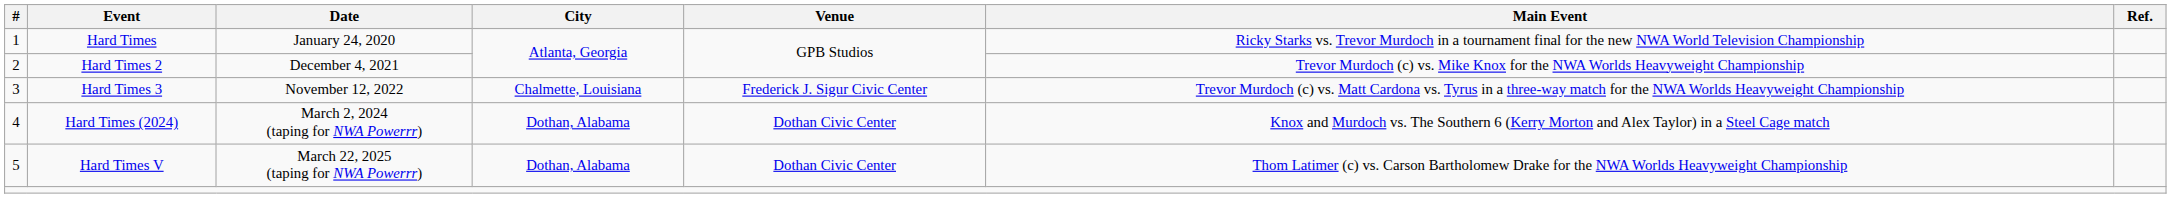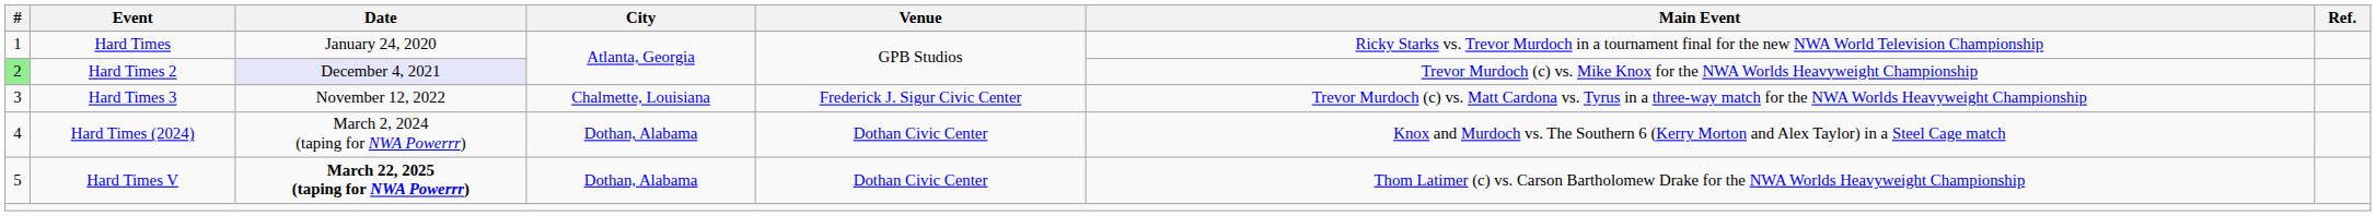 <table class="mw-datatable wikitable sortable succession-box" style="font-size:85%; text-align:center;" width="100%">
 <tr>
 <th>#</th>
 <th>Event</th>
 <th>Date</th>
 <th>City</th>
 <th>Venue</th>
 <th>Main Event</th>
 <th>Ref.</th>
 </tr>
 <tr>
 <td>1</td>
 <td><a href='#'>Hard Times</a></td>
 <td>January 24, 2020</td>
 <td rowspan="2"><a href='#'>Atlanta, Georgia</a></td>
 <td rowspan="2">GPB Studios</td>
 <td><a href='#'>Ricky Starks</a> vs. <a href='#'>Trevor Murdoch</a> in a tournament final for the new <a href='#'>NWA World Television Championship</a></td>
 <td></td>
 </tr>
 <tr>
-<td>2</td>
+<td style="background: lightgreen;">2</td>
 <td><a href='#'>Hard Times 2</a></td>
-<td>December 4, 2021</td>
+<td style="background: lavender;">December 4, 2021</td>
 <td><a href='#'>Trevor Murdoch</a> (c) vs. <a href='#'>Mike Knox</a> for the <a href='#'>NWA Worlds Heavyweight Championship</a></td>
 <td></td>
 </tr>
 <tr>
 <td>3</td>
 <td><a href='#'>Hard Times 3</a></td>
 <td>November 12, 2022</td>
 <td><a href='#'>Chalmette, Louisiana</a></td>
 <td><a href='#'>Frederick J. Sigur Civic Center</a></td>
 <td><a href='#'>Trevor Murdoch</a> (c) vs. <a href='#'>Matt Cardona</a> vs. <a href='#'>Tyrus</a> in a <a href='#'>three-way match</a> for the <a href='#'>NWA Worlds Heavyweight Championship</a></td>
 <td></td>
 </tr>
 <tr>
 <td>4</td>
 <td><a href='#'>Hard Times (2024)</a></td>
 <td>March 2, 2024<br>(taping for <em><a href='#'>NWA Powerrr</a></em>)</td>
 <td><a href='#'>Dothan, Alabama</a></td>
 <td><a href='#'>Dothan Civic Center</a></td>
 <td><a href='#'>Knox</a> and <a href='#'>Murdoch</a> vs. The Southern 6 (<a href='#'>Kerry Morton</a> and Alex Taylor) in a <a href='#'>Steel Cage match</a></td>
 <td></td>
 </tr>
 <tr>
 <td>5</td>
 <td><a href='#'>Hard Times V</a></td>
-<td>March 22, 2025<br>(taping for <em><a href='#'>NWA Powerrr</a></em>)</td>
+<td><strong>March 22, 2025<br>(taping for <em><a href='#'>NWA Powerrr</a></em>)</strong></td>
 <td><a href='#'>Dothan, Alabama</a></td>
 <td><a href='#'>Dothan Civic Center</a></td>
 <td><a href='#'>Thom Latimer</a> (c) vs. Carson Bartholomew Drake for the <a href='#'>NWA Worlds Heavyweight Championship</a></td>
 </tr>
 <tr>
 <td colspan="11"></td>
 </tr>
 </table>
